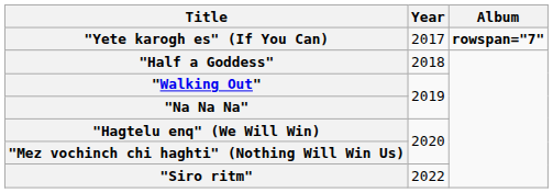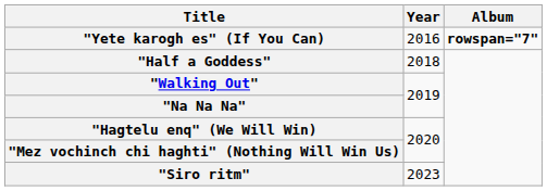 <table class="wikitable plainrowheaders" style="text-align:center;">
 <tr>
 <th scope="col">Title</th>
 <th scope="col">Year</th>
 <th scope="col">Album</th>
 </tr>
 <tr>
 <th scope="row">"Yete karogh es" (If You Can)</th>
-<td>2017</td>
+<td>2016</td>
 <td><strong>rowspan="7" </strong></td>
 </tr>
 <tr>
 <th scope="row">"Half a Goddess"</th>
 <td>2018</td>
 </tr>
 <tr>
 <th scope="row">"<a href='#'>Walking Out</a>"</th>
 <td rowspan="2">2019</td>
 </tr>
 <tr>
 <th scope="row">"Na Na Na"</th>
 </tr>
 <tr>
 <th scope="row">"Hagtelu enq" (We Will Win)</th>
 <td rowspan="2">2020</td>
 </tr>
 <tr>
 <th scope="row">"Mez vochinch chi haghti" (Nothing Will Win Us)</th>
 </tr>
 <tr>
 <th scope="row">"Siro ritm"</th>
-<td>2022</td>
+<td>2023</td>
 </tr>
 </table>
